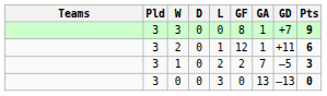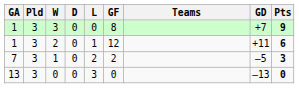 <table class="wikitable" style="text-align: center;">
 <tr>
-<th width=165>Teams</th>
+<th width=20>GA</th>
 <th width=20>Pld</th>
 <th width=20>W</th>
 <th width=20>D</th>
 <th width=20>L</th>
 <th width=20>GF</th>
-<th width=20>GA</th>
+<th width=165>Teams</th>
 <th width=20>GD</th>
 <th width=20>Pts</th>
 </tr>
 <tr align=center style="background:#ccffcc;">
-<td style="text-align:left;"></td>
+<td>1</td>
 <td>3</td>
 <td>3</td>
 <td>0</td>
 <td>0</td>
 <td>8</td>
-<td>1</td>
+<td style="text-align:left;"></td>
 <td>+7</td>
 <td><strong>9</strong></td>
 </tr>
 <tr align=center>
-<td style="text-align:left;"></td>
+<td>1</td>
 <td>3</td>
 <td>2</td>
 <td>0</td>
 <td>1</td>
 <td>12</td>
-<td>1</td>
+<td style="text-align:left;"></td>
 <td>+11</td>
 <td><strong>6</strong></td>
 </tr>
 <tr align=center>
-<td style="text-align:left;"></td>
+<td>7</td>
 <td>3</td>
 <td>1</td>
 <td>0</td>
 <td>2</td>
 <td>2</td>
-<td>7</td>
+<td style="text-align:left;"></td>
 <td>–5</td>
 <td><strong>3</strong></td>
 </tr>
 <tr align=center>
-<td style="text-align:left;"></td>
+<td>13</td>
 <td>3</td>
 <td>0</td>
 <td>0</td>
 <td>3</td>
 <td>0</td>
-<td>13</td>
+<td style="text-align:left;"></td>
 <td>–13</td>
 <td><strong>0</strong></td>
 </tr>
 </table>
